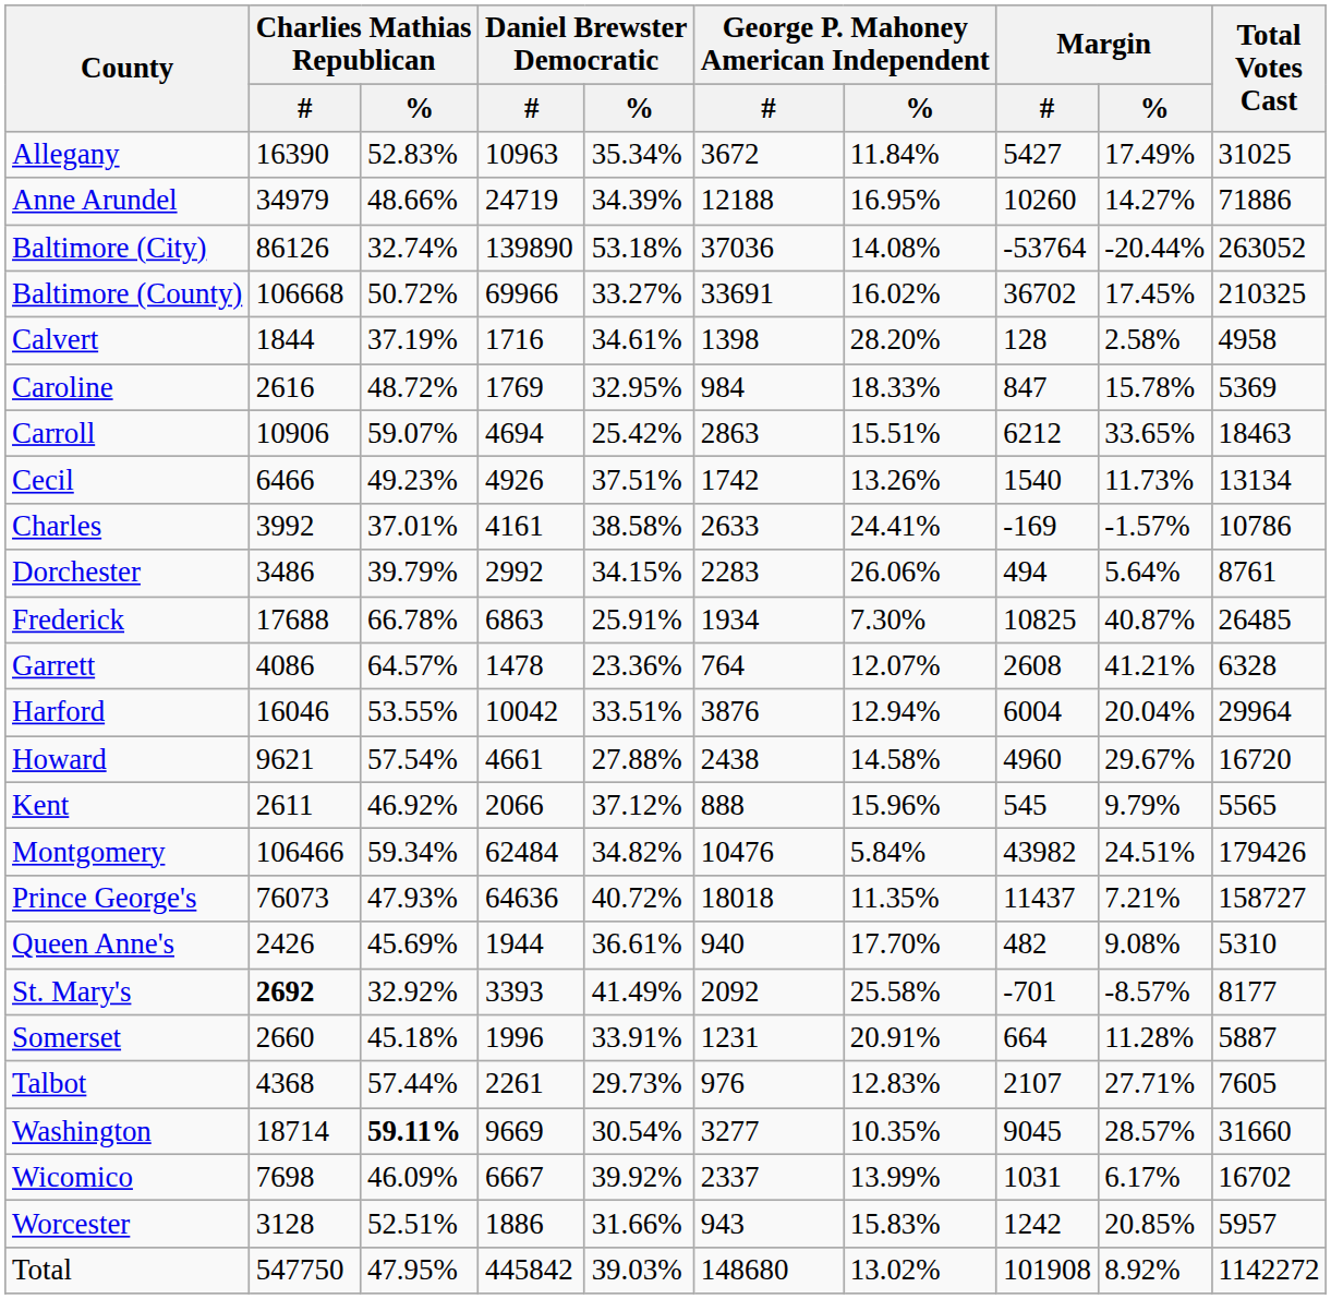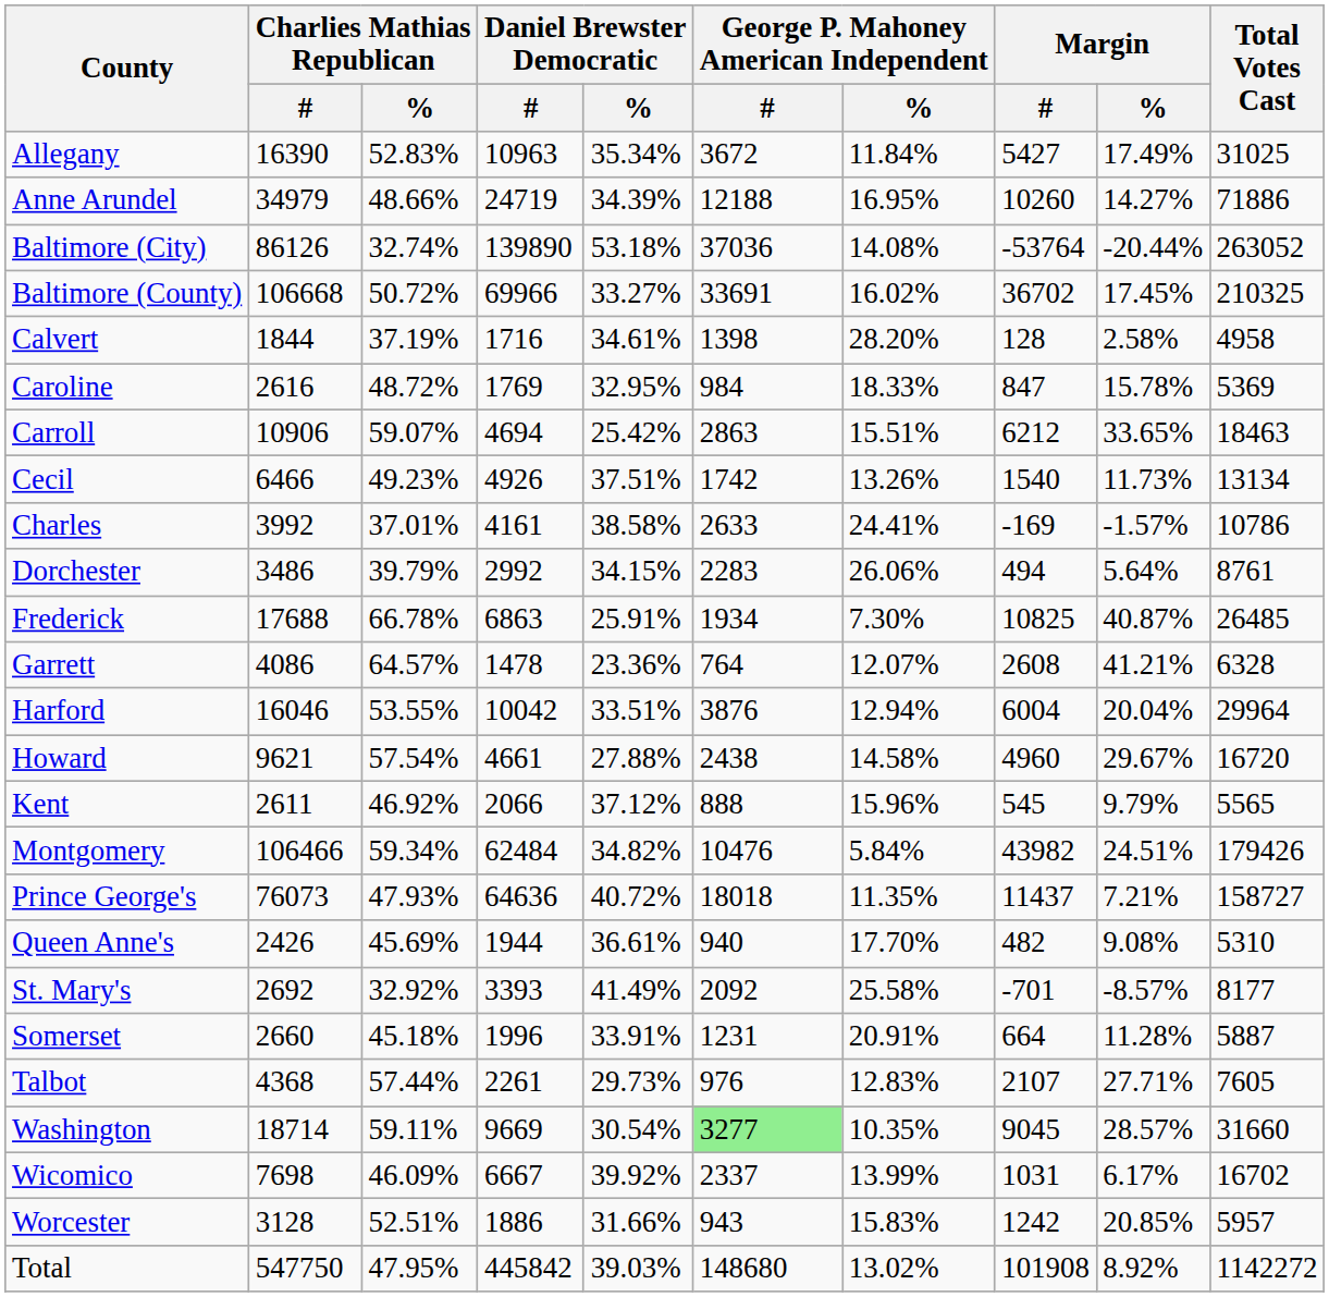 <table class="wikitable sortable">
 <tr>
 <th rowspan="2">County</th>
 <th colspan="2" >Charlies Mathias<br>Republican</th>
 <th colspan="2" >Daniel Brewster<br>Democratic</th>
 <th colspan="2" >George P. Mahoney<br>American Independent</th>
 <th colspan="2">Margin</th>
 <th rowspan="2">Total<br>Votes<br>Cast</th>
 </tr>
 <tr>
 <th>#</th>
 <th>%</th>
 <th>#</th>
 <th>%</th>
 <th>#</th>
 <th>%</th>
 <th>#</th>
 <th>%</th>
 </tr>
 <tr>
 <td><a href='#'>Allegany</a></td>
 <td>16390</td>
 <td>52.83%</td>
 <td>10963</td>
 <td>35.34%</td>
 <td>3672</td>
 <td>11.84%</td>
 <td>5427</td>
 <td>17.49%</td>
 <td>31025</td>
 </tr>
 <tr>
 <td><a href='#'>Anne Arundel</a></td>
 <td>34979</td>
 <td>48.66%</td>
 <td>24719</td>
 <td>34.39%</td>
 <td>12188</td>
 <td>16.95%</td>
 <td>10260</td>
 <td>14.27%</td>
 <td>71886</td>
 </tr>
 <tr>
 <td><a href='#'>Baltimore (City)</a></td>
 <td>86126</td>
 <td>32.74%</td>
 <td>139890</td>
 <td>53.18%</td>
 <td>37036</td>
 <td>14.08%</td>
 <td>-53764</td>
 <td>-20.44%</td>
 <td>263052</td>
 </tr>
 <tr>
 <td><a href='#'>Baltimore (County)</a></td>
 <td>106668</td>
 <td>50.72%</td>
 <td>69966</td>
 <td>33.27%</td>
 <td>33691</td>
 <td>16.02%</td>
 <td>36702</td>
 <td>17.45%</td>
 <td>210325</td>
 </tr>
 <tr>
 <td><a href='#'>Calvert</a></td>
 <td>1844</td>
 <td>37.19%</td>
 <td>1716</td>
 <td>34.61%</td>
 <td>1398</td>
 <td>28.20%</td>
 <td>128</td>
 <td>2.58%</td>
 <td>4958</td>
 </tr>
 <tr>
 <td><a href='#'>Caroline</a></td>
 <td>2616</td>
 <td>48.72%</td>
 <td>1769</td>
 <td>32.95%</td>
 <td>984</td>
 <td>18.33%</td>
 <td>847</td>
 <td>15.78%</td>
 <td>5369</td>
 </tr>
 <tr>
 <td><a href='#'>Carroll</a></td>
 <td>10906</td>
 <td>59.07%</td>
 <td>4694</td>
 <td>25.42%</td>
 <td>2863</td>
 <td>15.51%</td>
 <td>6212</td>
 <td>33.65%</td>
 <td>18463</td>
 </tr>
 <tr>
 <td><a href='#'>Cecil</a></td>
 <td>6466</td>
 <td>49.23%</td>
 <td>4926</td>
 <td>37.51%</td>
 <td>1742</td>
 <td>13.26%</td>
 <td>1540</td>
 <td>11.73%</td>
 <td>13134</td>
 </tr>
 <tr>
 <td><a href='#'>Charles</a></td>
 <td>3992</td>
 <td>37.01%</td>
 <td>4161</td>
 <td>38.58%</td>
 <td>2633</td>
 <td>24.41%</td>
 <td>-169</td>
 <td>-1.57%</td>
 <td>10786</td>
 </tr>
 <tr>
 <td><a href='#'>Dorchester</a></td>
 <td>3486</td>
 <td>39.79%</td>
 <td>2992</td>
 <td>34.15%</td>
 <td>2283</td>
 <td>26.06%</td>
 <td>494</td>
 <td>5.64%</td>
 <td>8761</td>
 </tr>
 <tr>
 <td><a href='#'>Frederick</a></td>
 <td>17688</td>
 <td>66.78%</td>
 <td>6863</td>
 <td>25.91%</td>
 <td>1934</td>
 <td>7.30%</td>
 <td>10825</td>
 <td>40.87%</td>
 <td>26485</td>
 </tr>
 <tr>
 <td><a href='#'>Garrett</a></td>
 <td>4086</td>
 <td>64.57%</td>
 <td>1478</td>
 <td>23.36%</td>
 <td>764</td>
 <td>12.07%</td>
 <td>2608</td>
 <td>41.21%</td>
 <td>6328</td>
 </tr>
 <tr>
 <td><a href='#'>Harford</a></td>
 <td>16046</td>
 <td>53.55%</td>
 <td>10042</td>
 <td>33.51%</td>
 <td>3876</td>
 <td>12.94%</td>
 <td>6004</td>
 <td>20.04%</td>
 <td>29964</td>
 </tr>
 <tr>
 <td><a href='#'>Howard</a></td>
 <td>9621</td>
 <td>57.54%</td>
 <td>4661</td>
 <td>27.88%</td>
 <td>2438</td>
 <td>14.58%</td>
 <td>4960</td>
 <td>29.67%</td>
 <td>16720</td>
 </tr>
 <tr>
 <td><a href='#'>Kent</a></td>
 <td>2611</td>
 <td>46.92%</td>
 <td>2066</td>
 <td>37.12%</td>
 <td>888</td>
 <td>15.96%</td>
 <td>545</td>
 <td>9.79%</td>
 <td>5565</td>
 </tr>
 <tr>
 <td><a href='#'>Montgomery</a></td>
 <td>106466</td>
 <td>59.34%</td>
 <td>62484</td>
 <td>34.82%</td>
 <td>10476</td>
 <td>5.84%</td>
 <td>43982</td>
 <td>24.51%</td>
 <td>179426</td>
 </tr>
 <tr>
 <td><a href='#'>Prince George's</a></td>
 <td>76073</td>
 <td>47.93%</td>
 <td>64636</td>
 <td>40.72%</td>
 <td>18018</td>
 <td>11.35%</td>
 <td>11437</td>
 <td>7.21%</td>
 <td>158727</td>
 </tr>
 <tr>
 <td><a href='#'>Queen Anne's</a></td>
 <td>2426</td>
 <td>45.69%</td>
 <td>1944</td>
 <td>36.61%</td>
 <td>940</td>
 <td>17.70%</td>
 <td>482</td>
 <td>9.08%</td>
 <td>5310</td>
 </tr>
 <tr>
 <td><a href='#'>St. Mary's</a></td>
-<td><strong>2692</strong></td>
+<td>2692</td>
 <td>32.92%</td>
 <td>3393</td>
 <td>41.49%</td>
 <td>2092</td>
 <td>25.58%</td>
 <td>-701</td>
 <td>-8.57%</td>
 <td>8177</td>
 </tr>
 <tr>
 <td><a href='#'>Somerset</a></td>
 <td>2660</td>
 <td>45.18%</td>
 <td>1996</td>
 <td>33.91%</td>
 <td>1231</td>
 <td>20.91%</td>
 <td>664</td>
 <td>11.28%</td>
 <td>5887</td>
 </tr>
 <tr>
 <td><a href='#'>Talbot</a></td>
 <td>4368</td>
 <td>57.44%</td>
 <td>2261</td>
 <td>29.73%</td>
 <td>976</td>
 <td>12.83%</td>
 <td>2107</td>
 <td>27.71%</td>
 <td>7605</td>
 </tr>
 <tr>
 <td><a href='#'>Washington</a></td>
 <td>18714</td>
-<td><strong>59.11%</strong></td>
+<td>59.11%</td>
 <td>9669</td>
 <td>30.54%</td>
-<td>3277</td>
+<td style="background: lightgreen;">3277</td>
 <td>10.35%</td>
 <td>9045</td>
 <td>28.57%</td>
 <td>31660</td>
 </tr>
 <tr>
 <td><a href='#'>Wicomico</a></td>
 <td>7698</td>
 <td>46.09%</td>
 <td>6667</td>
 <td>39.92%</td>
 <td>2337</td>
 <td>13.99%</td>
 <td>1031</td>
 <td>6.17%</td>
 <td>16702</td>
 </tr>
 <tr>
 <td><a href='#'>Worcester</a></td>
 <td>3128</td>
 <td>52.51%</td>
 <td>1886</td>
 <td>31.66%</td>
 <td>943</td>
 <td>15.83%</td>
 <td>1242</td>
 <td>20.85%</td>
 <td>5957</td>
 </tr>
 <tr>
 <td>Total</td>
 <td>547750</td>
 <td>47.95%</td>
 <td>445842</td>
 <td>39.03%</td>
 <td>148680</td>
 <td>13.02%</td>
 <td>101908</td>
 <td>8.92%</td>
 <td>1142272</td>
 </tr>
 </table>
